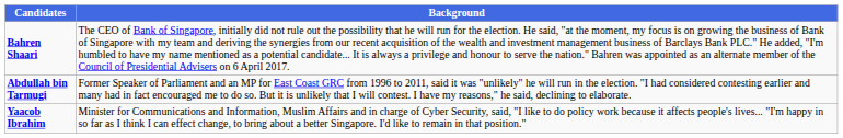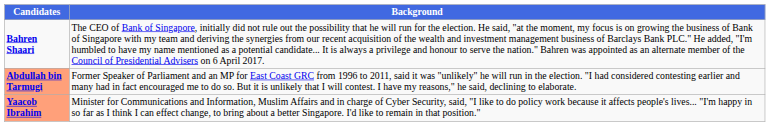 <table class="wikitable">
 <tr>
 <th style="background:RoyalBlue; color: white;">Candidates</th>
 <th style="background:RoyalBlue; color: white;">Background</th>
 </tr>
 <tr>
 <td><strong><a href='#'>Bahren Shaari</a></strong></td>
 <td>The CEO of <a href='#'>Bank of Singapore</a>, initially did not rule out the possibility that he will run for the election. He said, "at the moment, my focus is on growing the business of Bank of Singapore with my team and deriving the synergies from our recent acquisition of the wealth and investment management business of Barclays Bank PLC." He added, "I'm humbled to have my name mentioned as a potential candidate... It is always a privilege and honour to serve the nation." Bahren was appointed as an alternate member of the <a href='#'>Council of Presidential Advisers</a> on 6 April 2017.</td>
 </tr>
 <tr>
-<td><strong><a href='#'>Abdullah bin Tarmugi</a></strong></td>
+<td style="background: lightsalmon;"><strong><a href='#'>Abdullah bin Tarmugi</a></strong></td>
 <td>Former Speaker of Parliament and an MP for <a href='#'>East Coast GRC</a> from 1996 to 2011, said it was "unlikely" he will run in the election. "I had considered contesting earlier and many had in fact encouraged me to do so. But it is unlikely that I will contest. I have my reasons," he said, declining to elaborate.</td>
 </tr>
 <tr>
-<td><strong><a href='#'>Yaacob Ibrahim</a></strong></td>
+<td style="background: lightsalmon;"><strong><a href='#'>Yaacob Ibrahim</a></strong></td>
 <td>Minister for Communications and Information, Muslim Affairs and in charge of Cyber Security, said, "I like to do policy work because it affects people's lives... "I'm happy in so far as I think I can effect change, to bring about a better Singapore. I'd like to remain in that position."</td>
 </tr>
 </table>
